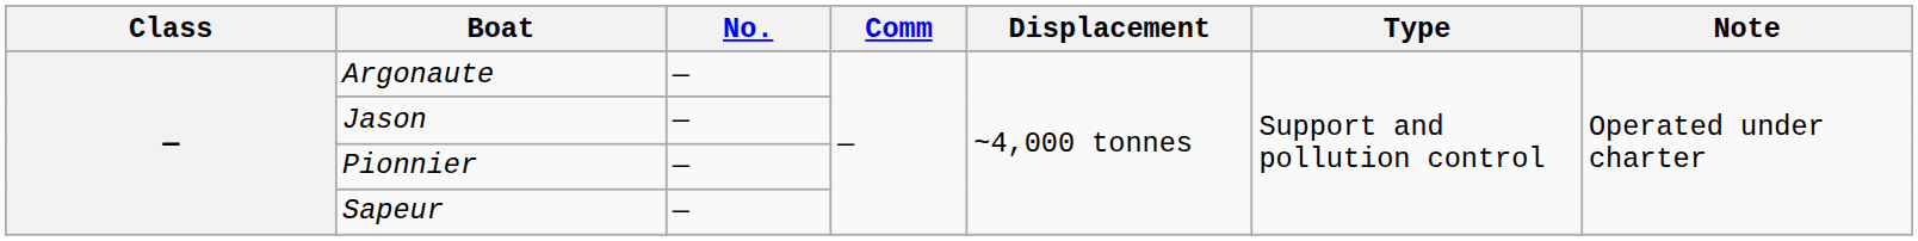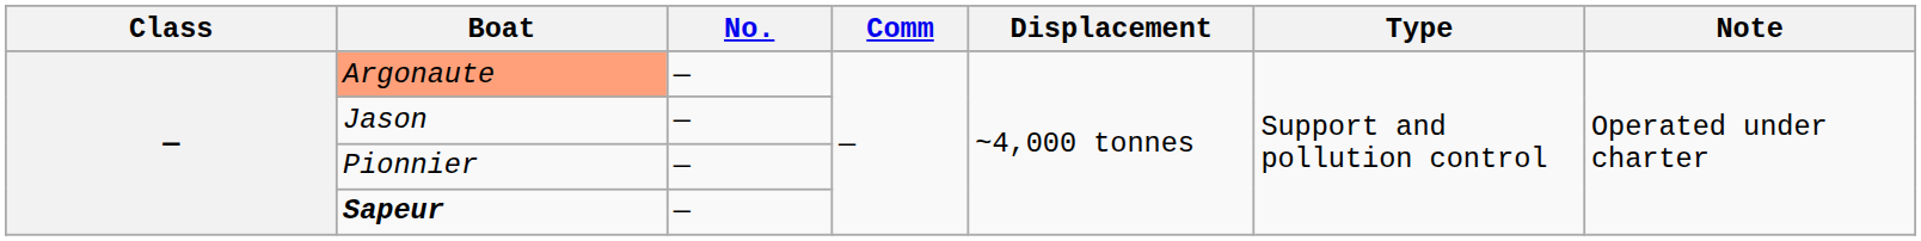 <table class="wikitable" style="margin:auto; width:100%;">
 <tr>
 <th style="text-align:center; width:10%;">Class</th>
 <th style="text-align:center; width:10%;">Boat</th>
 <th style="text-align:center; width:5%;"><a href='#'>No.</a></th>
 <th style="text-align:center; width:4%;"><a href='#'>Comm</a></th>
 <th style="text-align:center; width:5%;">Displacement</th>
 <th style="text-align:center; width:10%;">Type</th>
 <th style="text-align:center; width:10%;">Note</th>
 </tr>
 <tr>
 <th rowspan="4">—</th>
-<td><em>Argonaute</em></td>
+<td style="background: lightsalmon;"><em>Argonaute</em></td>
 <td>—</td>
 <td rowspan="4">—</td>
 <td rowspan="4">~4,000 tonnes</td>
 <td rowspan="4">Support and pollution control</td>
 <td rowspan="4">Operated under charter</td>
 </tr>
 <tr>
 <td><em>Jason</em></td>
 <td>—</td>
 </tr>
 <tr>
 <td><em>Pionnier</em></td>
 <td>—</td>
 </tr>
 <tr>
-<td><em>Sapeur</em></td>
+<td><strong><em>Sapeur</em></strong></td>
 <td>—</td>
 </tr>
 </table>
